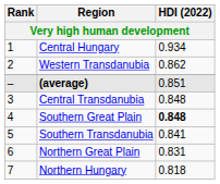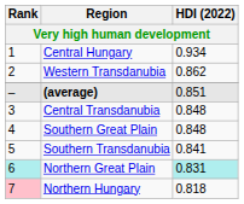 <table class="wikitable sortable">
 <tr>
 <th>Rank</th>
 <th>Region</th>
 <th>HDI (2022)</th>
 </tr>
 <tr>
 <th colspan="3" style="color:#090;">Very high human development</th>
 </tr>
 <tr>
 <td>1</td>
 <td style="text-align:left"><a href='#'>Central Hungary</a></td>
 <td>0.934</td>
 </tr>
 <tr>
 <td>2</td>
 <td style="text-align:left"><a href='#'>Western Transdanubia</a></td>
 <td>0.862</td>
 </tr>
 <tr>
 </tr>
 <tr style="background:#e6e6e6">
 <td>–</td>
 <td style="text-align:left"><strong> (average)</strong></td>
 <td>0.851</td>
 </tr>
 <tr>
 <td>3</td>
 <td style="text-align:left"><a href='#'>Central Transdanubia</a></td>
 <td>0.848</td>
 </tr>
 <tr>
 <td>4</td>
 <td style="text-align:left"><a href='#'>Southern Great Plain</a></td>
-<td><strong>0.848</strong></td>
+<td>0.848</td>
 </tr>
 <tr>
 <td>5</td>
 <td style="text-align:left"><a href='#'>Southern Transdanubia</a></td>
 <td>0.841</td>
 </tr>
 <tr>
-<td>6</td>
+<td style="background: paleturquoise;">6</td>
 <td style="text-align:left"><a href='#'>Northern Great Plain</a></td>
-<td>0.831</td>
+<td style="background: paleturquoise;">0.831</td>
 </tr>
 <tr>
-<td>7</td>
+<td style="background: pink;">7</td>
 <td style="text-align:left"><a href='#'>Northern Hungary</a></td>
 <td>0.818</td>
 </tr>
 </table>
